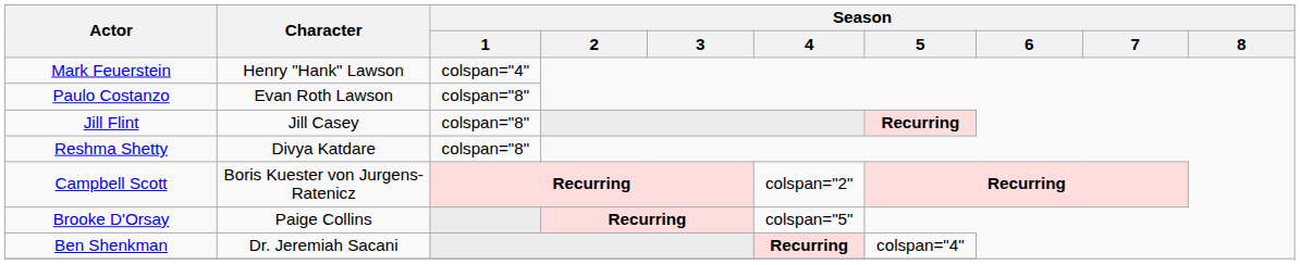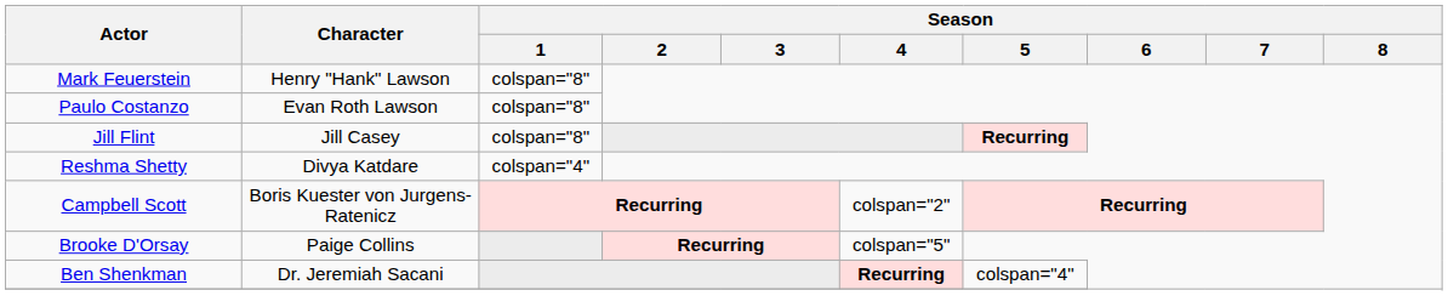 <table class="wikitable plainrowheaders" style="text-align:center">
 <tr>
 <th rowspan="2" width="14%" scope="col">Actor</th>
 <th rowspan="2" width="14%" scope="col">Character</th>
 <th colspan="8">Season</th>
 </tr>
 <tr>
 <th width="7%" scope="col">1</th>
 <th width="7%" scope="col">2</th>
 <th width="7%" scope="col">3</th>
 <th width="7%" scope="col">4</th>
 <th width="7%" scope="col">5</th>
 <th width="7%" scope="col">6</th>
 <th width="7%" scope="col">7</th>
 <th width="7%" scope="col">8</th>
 </tr>
 <tr>
 <td><a href='#'>Mark Feuerstein</a></td>
 <td>Henry "Hank" Lawson</td>
-<td>colspan="4" </td>
+<td>colspan="8" </td>
 </tr>
 <tr>
 <td><a href='#'>Paulo Costanzo</a></td>
 <td>Evan Roth Lawson</td>
 <td>colspan="8" </td>
 </tr>
 <tr>
 <td><a href='#'>Jill Flint</a></td>
 <td>Jill Casey</td>
 <td>colspan="8" </td>
 <td colspan="3" style="background: #ececec; color: grey; vertical-align: middle; text-align: center; " class="table-na"></td>
 <td colspan="1" style="background:#fdd; text-align:center;"><strong>Recurring</strong></td>
 </tr>
 <tr>
 <td><a href='#'>Reshma Shetty</a></td>
 <td>Divya Katdare</td>
-<td>colspan="8" </td>
+<td>colspan="4" </td>
 </tr>
 <tr>
 <td><a href='#'>Campbell Scott</a></td>
 <td>Boris Kuester von Jurgens-Ratenicz</td>
 <td colspan="3" style="background:#fdd; text-align:center;"><strong>Recurring</strong></td>
 <td>colspan="2" </td>
 <td colspan="3" style="background:#fdd; text-align:center;"><strong>Recurring</strong></td>
 </tr>
 <tr>
 <td><a href='#'>Brooke D'Orsay</a></td>
 <td>Paige Collins</td>
 <td colspan="1" style="background: #ececec; color: grey; vertical-align: middle; text-align: center; " class="table-na"></td>
 <td colspan="2" style="background:#fdd; text-align:center;"><strong>Recurring</strong></td>
 <td>colspan="5" </td>
 </tr>
 <tr>
 <td><a href='#'>Ben Shenkman</a></td>
 <td>Dr. Jeremiah Sacani</td>
 <td colspan="3" style="background: #ececec; color: grey; vertical-align: middle; text-align: center; " class="table-na"></td>
 <td colspan="1" style="background:#fdd; text-align:center;"><strong>Recurring</strong></td>
 <td>colspan="4" </td>
 </tr>
 <tr>
 </tr>
 </table>
